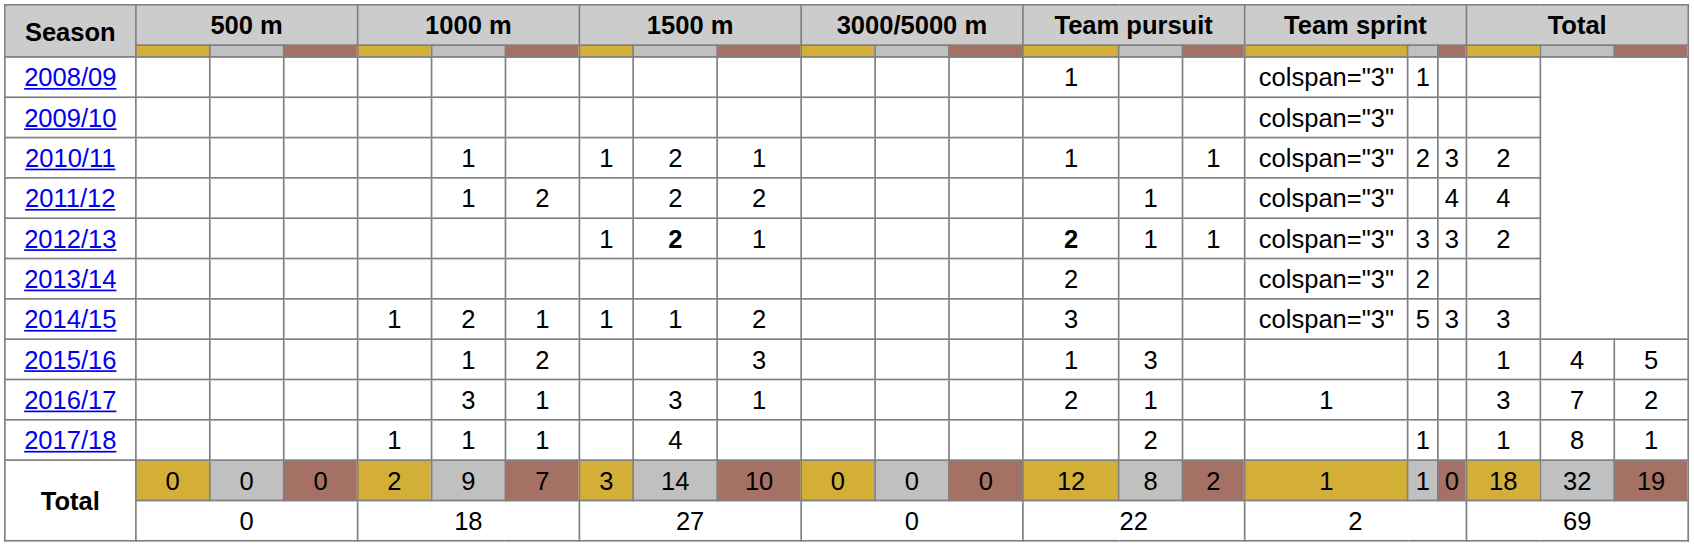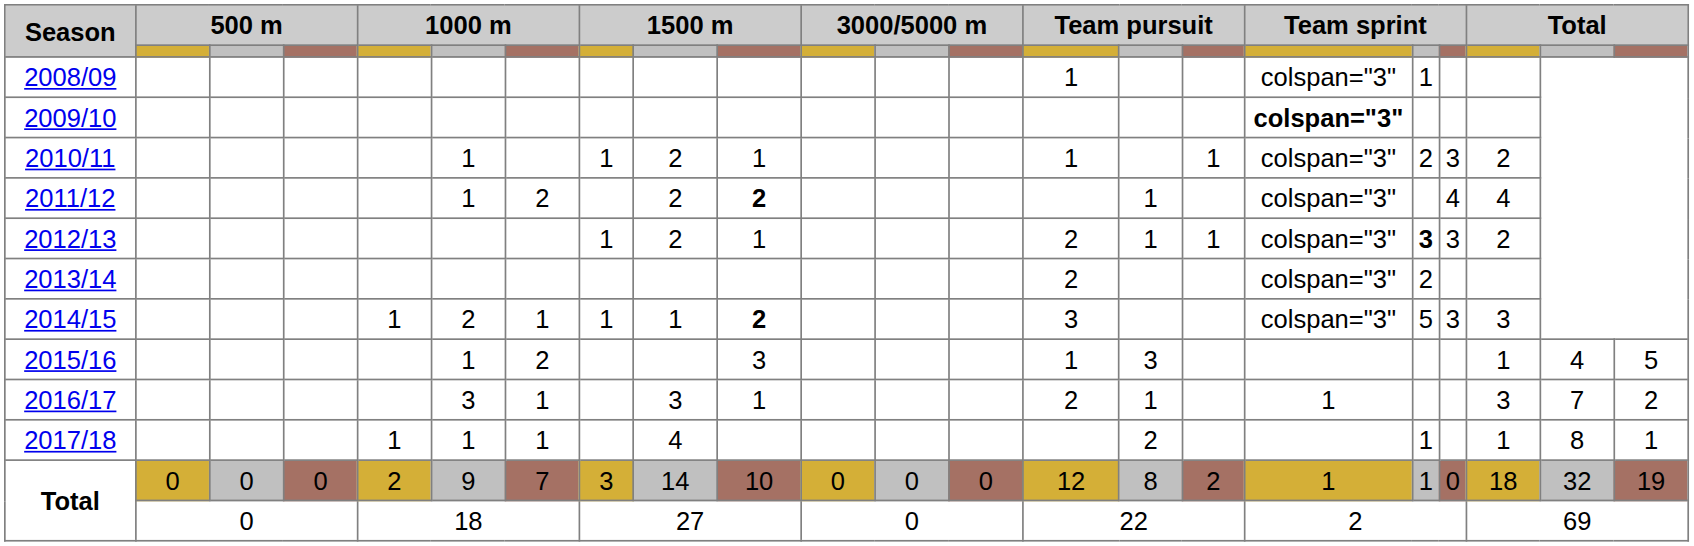 <table cellpadding="3" cellspacing="0" border="1" style="background:#ffffff; font-size:95%; border:grey solid 1px; border-collapse:collapse; text-align:center;">
 <tr style="background:#ccc; text-align:center;">
 <th rowspan="2" colspan="1">  Season  </th>
 <th style="background:#ccc;" width="125" colspan="3">500 m</th>
 <th style="background:#ccc;" width="125" colspan="3">1000 m</th>
 <th style="background:#ccc;" width="125" colspan="3">1500 m</th>
 <th style="background:#ccc;" width="125" colspan="3">3000/5000 m</th>
 <th style="background:#ccc;" width="125" colspan="3">Team pursuit</th>
 <th style="background:#ccc;" width="125" colspan="3">Team sprint</th>
 <th style="background:#ccc;" width="125" colspan="3">Total</th>
 </tr>
 <tr>
 <td align="center" bgcolor=#D4AF37></td>
 <td align="center" bgcolor="silver"></td>
 <td align="center" bgcolor=#A57164></td>
 <td align="center" bgcolor=#D4AF37></td>
 <td align="center" bgcolor="silver"></td>
 <td align="center" bgcolor=#A57164></td>
 <td align="center" bgcolor=#D4AF37></td>
 <td align="center" bgcolor="silver"></td>
 <td align="center" bgcolor=#A57164></td>
 <td align="center" bgcolor=#D4AF37></td>
 <td align="center" bgcolor="silver"></td>
 <td align="center" bgcolor=#A57164></td>
 <td align="center" bgcolor=#D4AF37></td>
 <td align="center" bgcolor="silver"></td>
 <td align="center" bgcolor=#A57164></td>
 <td align="center" bgcolor=#D4AF37></td>
 <td align="center" bgcolor="silver"></td>
 <td align="center" bgcolor=#A57164></td>
 <td align="center" bgcolor=#D4AF37></td>
 <td align="center" bgcolor="silver"></td>
 <td align="center" bgcolor=#A57164></td>
 </tr>
 <tr>
 <td align="center"><a href='#'>2008/09</a></td>
 <td></td>
 <td></td>
 <td></td>
 <td></td>
 <td></td>
 <td></td>
 <td></td>
 <td></td>
 <td></td>
 <td></td>
 <td></td>
 <td></td>
 <td>1</td>
 <td></td>
 <td></td>
 <td>colspan="3" </td>
 <td>1</td>
 <td></td>
 <td></td>
 </tr>
 <tr>
 <td align="center"><a href='#'>2009/10</a></td>
 <td></td>
 <td></td>
 <td></td>
 <td></td>
 <td></td>
 <td></td>
 <td></td>
 <td></td>
 <td></td>
 <td></td>
 <td></td>
 <td></td>
 <td></td>
 <td></td>
 <td></td>
-<td>colspan="3" </td>
+<td><strong>colspan="3" </strong></td>
 <td></td>
 <td></td>
 <td></td>
 </tr>
 <tr>
 <td align="center"><a href='#'>2010/11</a></td>
 <td></td>
 <td></td>
 <td></td>
 <td></td>
 <td>1</td>
 <td></td>
 <td>1</td>
 <td>2</td>
 <td>1</td>
 <td></td>
 <td></td>
 <td></td>
 <td>1</td>
 <td></td>
 <td>1</td>
 <td>colspan="3" </td>
 <td>2</td>
 <td>3</td>
 <td>2</td>
 </tr>
 <tr>
 <td align="center"><a href='#'>2011/12</a></td>
 <td></td>
 <td></td>
 <td></td>
 <td></td>
 <td>1</td>
 <td>2</td>
 <td></td>
 <td>2</td>
-<td>2</td>
+<td><strong>2</strong></td>
 <td></td>
 <td></td>
 <td></td>
 <td></td>
 <td>1</td>
 <td></td>
 <td>colspan="3" </td>
 <td></td>
 <td>4</td>
 <td>4</td>
 </tr>
 <tr>
 <td align="center"><a href='#'>2012/13</a></td>
 <td></td>
 <td></td>
 <td></td>
 <td></td>
 <td></td>
 <td></td>
 <td>1</td>
-<td><strong>2</strong></td>
+<td>2</td>
 <td>1</td>
 <td></td>
 <td></td>
 <td></td>
-<td><strong>2</strong></td>
+<td>2</td>
 <td>1</td>
 <td>1</td>
 <td>colspan="3" </td>
-<td>3</td>
+<td><strong>3</strong></td>
 <td>3</td>
 <td>2</td>
 </tr>
 <tr>
 <td align="center"><a href='#'>2013/14</a></td>
 <td></td>
 <td></td>
 <td></td>
 <td></td>
 <td></td>
 <td></td>
 <td></td>
 <td></td>
 <td></td>
 <td></td>
 <td></td>
 <td></td>
 <td>2</td>
 <td></td>
 <td></td>
 <td>colspan="3" </td>
 <td>2</td>
 <td></td>
 <td></td>
 </tr>
 <tr>
 <td align="center"><a href='#'>2014/15</a></td>
 <td></td>
 <td></td>
 <td></td>
 <td>1</td>
 <td>2</td>
 <td>1</td>
 <td>1</td>
 <td>1</td>
-<td>2</td>
+<td><strong>2</strong></td>
 <td></td>
 <td></td>
 <td></td>
 <td>3</td>
 <td></td>
 <td></td>
 <td>colspan="3" </td>
 <td>5</td>
 <td>3</td>
 <td>3</td>
 </tr>
 <tr>
 <td align="center"><a href='#'>2015/16</a></td>
 <td></td>
 <td></td>
 <td></td>
 <td></td>
 <td>1</td>
 <td>2</td>
 <td></td>
 <td></td>
 <td>3</td>
 <td></td>
 <td></td>
 <td></td>
 <td>1</td>
 <td>3</td>
 <td></td>
 <td></td>
 <td></td>
 <td></td>
 <td>1</td>
 <td>4</td>
 <td>5</td>
 </tr>
 <tr>
 <td align="center"><a href='#'>2016/17</a></td>
 <td></td>
 <td></td>
 <td></td>
 <td></td>
 <td>3</td>
 <td>1</td>
 <td></td>
 <td>3</td>
 <td>1</td>
 <td></td>
 <td></td>
 <td></td>
 <td>2</td>
 <td>1</td>
 <td></td>
 <td>1</td>
 <td></td>
 <td></td>
 <td>3</td>
 <td>7</td>
 <td>2</td>
 </tr>
 <tr>
 <td align="center"><a href='#'>2017/18</a></td>
 <td></td>
 <td></td>
 <td></td>
 <td>1</td>
 <td>1</td>
 <td>1</td>
 <td></td>
 <td>4</td>
 <td></td>
 <td></td>
 <td></td>
 <td></td>
 <td></td>
 <td>2</td>
 <td></td>
 <td></td>
 <td>1</td>
 <td></td>
 <td>1</td>
 <td>8</td>
 <td>1</td>
 </tr>
 <tr>
 <td rowspan="2"><strong>Total </strong></td>
 <td bgcolor=#D4AF37>0</td>
 <td bgcolor="silver">0</td>
 <td bgcolor=#A57164>0</td>
 <td bgcolor=#D4AF37>2</td>
 <td bgcolor="silver">9</td>
 <td bgcolor="#A57164">7</td>
 <td bgcolor=#D4AF37>3</td>
 <td bgcolor="silver">14</td>
 <td bgcolor="#A57164">10</td>
 <td bgcolor=#D4AF37>0</td>
 <td bgcolor="silver">0</td>
 <td bgcolor=#A57164>0</td>
 <td bgcolor="#D4AF37">12</td>
 <td bgcolor="silver">8</td>
 <td bgcolor=#A57164>2</td>
 <td bgcolor="#D4AF37">1</td>
 <td bgcolor="silver">1</td>
 <td bgcolor=#A57164>0</td>
 <td bgcolor="#D4AF37">18</td>
 <td bgcolor="silver">32</td>
 <td bgcolor=#A57164>19</td>
 </tr>
 <tr>
 <td colspan="3">0</td>
 <td colspan="3">18</td>
 <td colspan="3">27</td>
 <td colspan="3">0</td>
 <td colspan="3">22</td>
 <td colspan="3">2</td>
 <td colspan="3">69</td>
 </tr>
 </table>
